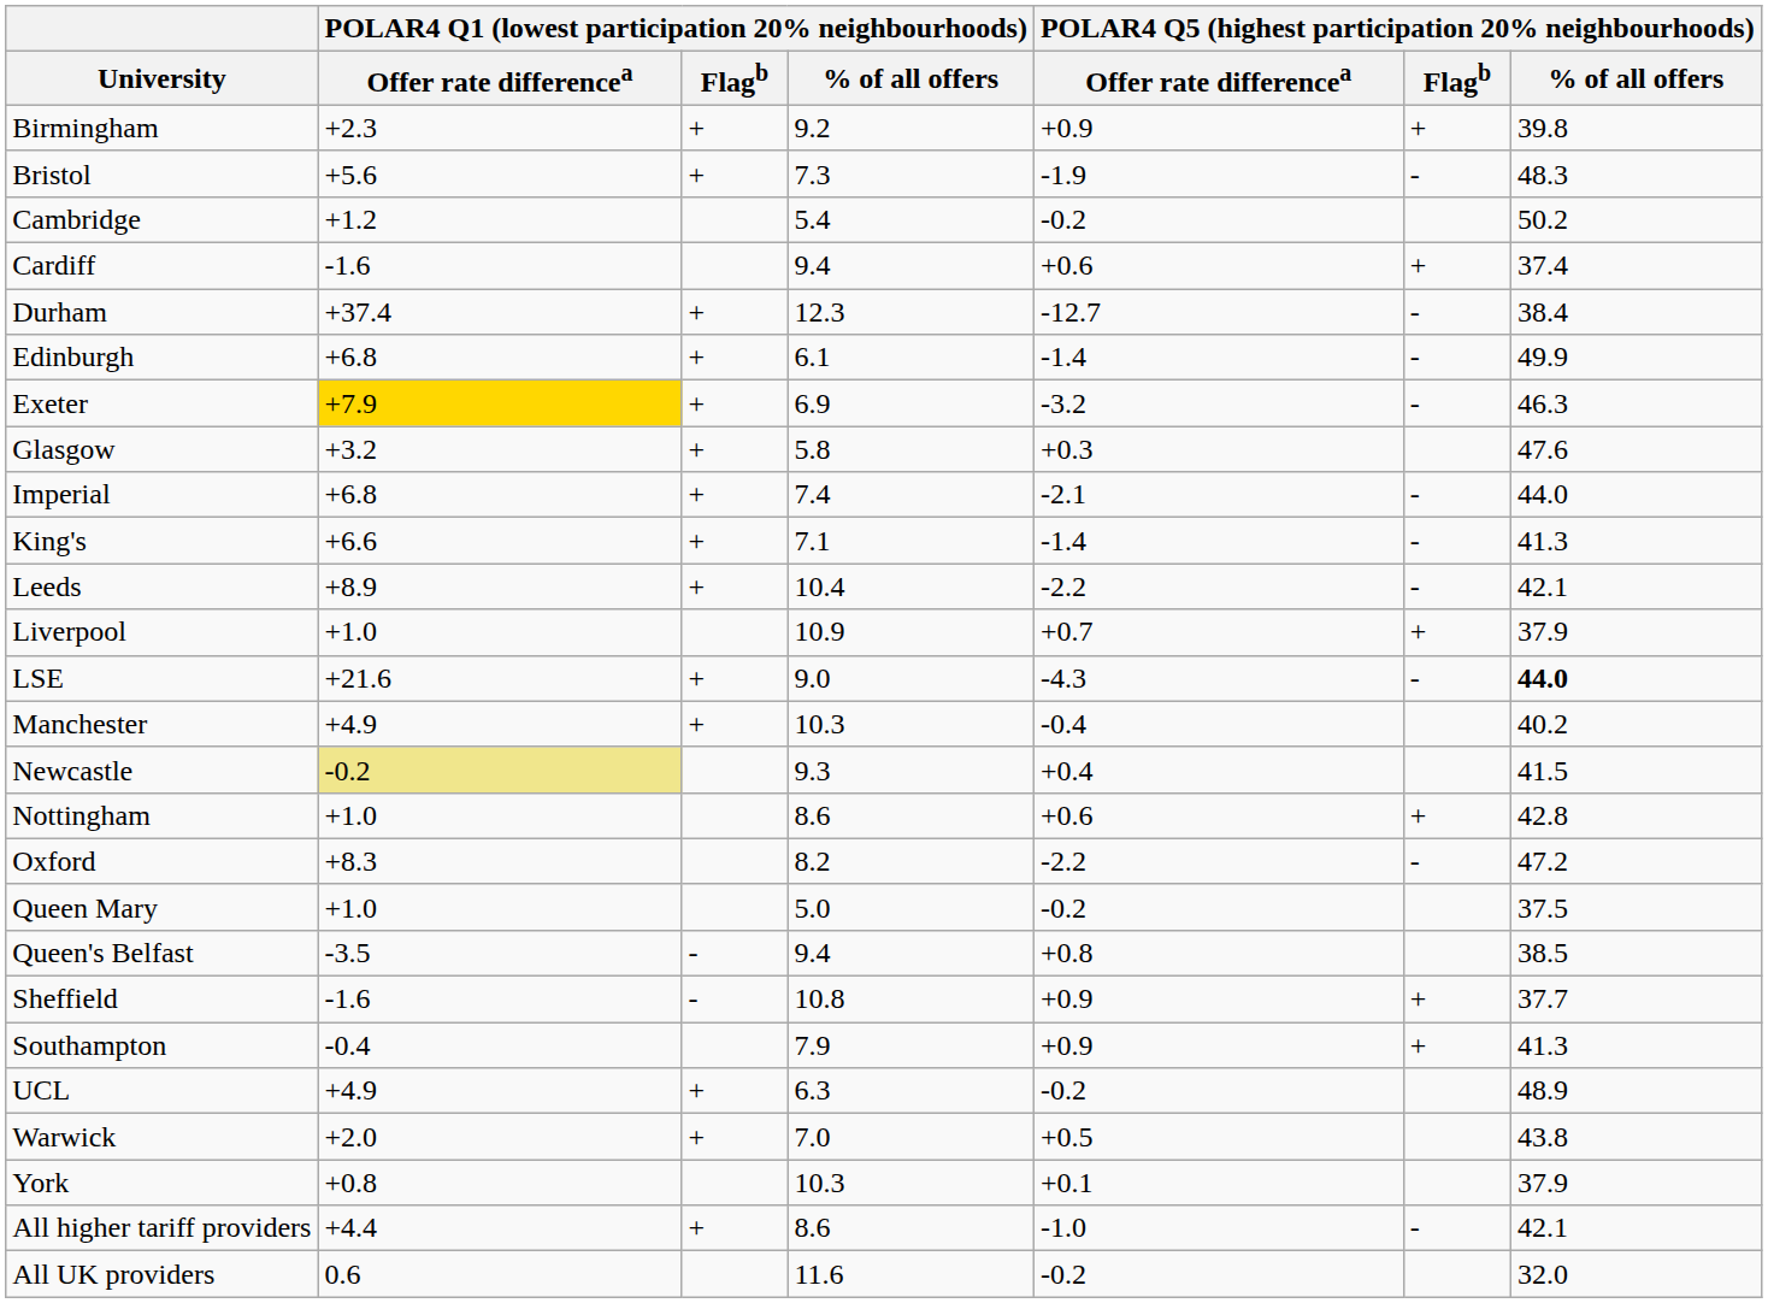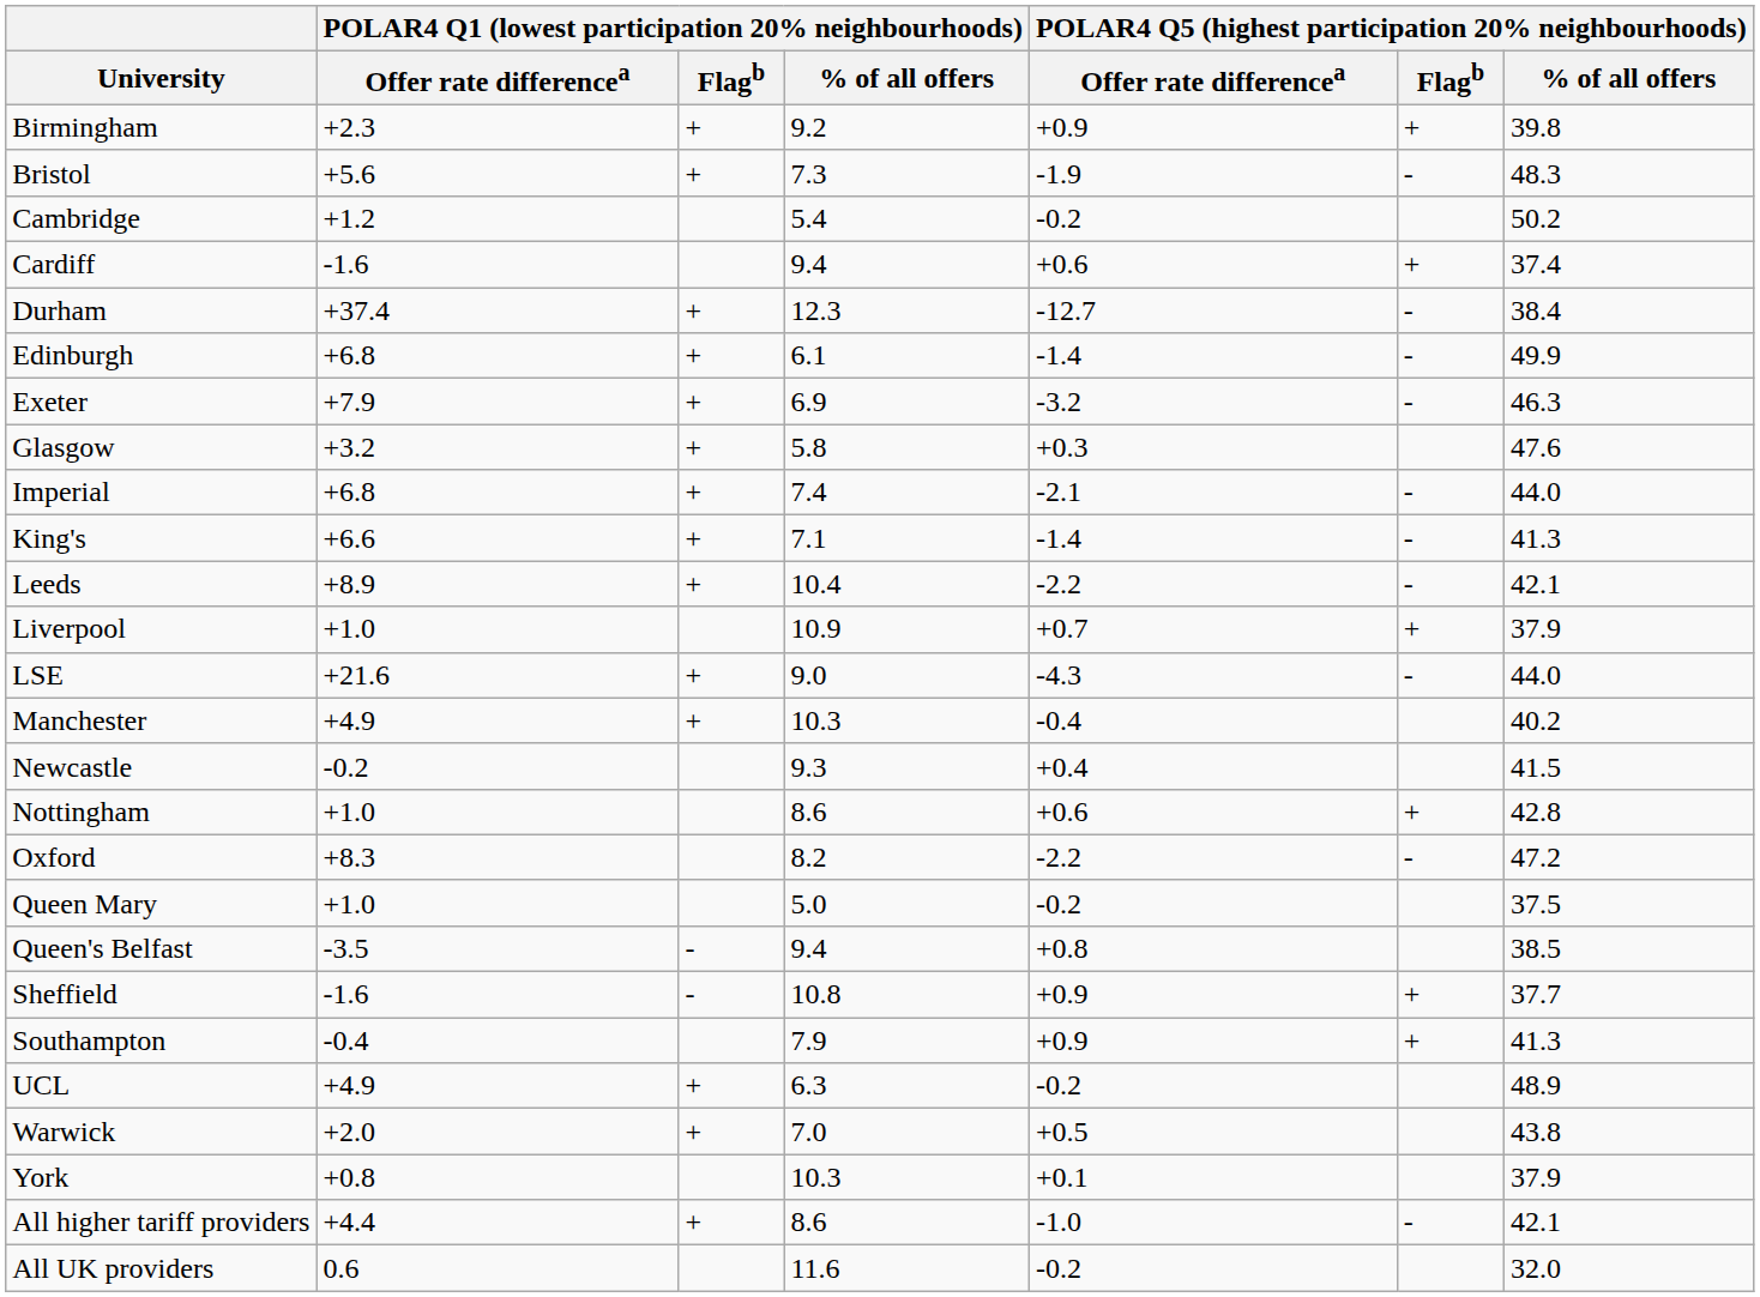 <table class="sortable wikitable">
 <tr>
 <th></th>
 <th colspan=3>POLAR4 Q1 (lowest participation 20% neighbourhoods)</th>
 <th colspan=3>POLAR4 Q5 (highest participation 20% neighbourhoods)</th>
 </tr>
 <tr>
 <th>University</th>
 <th>Offer rate difference<sup>a</sup></th>
 <th>Flag<sup>b</sup></th>
 <th>% of all offers</th>
 <th>Offer rate difference<sup>a</sup></th>
 <th>Flag<sup>b</sup></th>
 <th>% of all offers</th>
 </tr>
 <tr>
 <td>Birmingham</td>
 <td>+2.3</td>
 <td>+</td>
 <td>9.2</td>
 <td>+0.9</td>
 <td>+</td>
 <td>39.8</td>
 </tr>
 <tr>
 <td>Bristol</td>
 <td>+5.6</td>
 <td>+</td>
 <td>7.3</td>
 <td>-1.9</td>
 <td>-</td>
 <td>48.3</td>
 </tr>
 <tr>
 <td>Cambridge</td>
 <td>+1.2</td>
 <td></td>
 <td>5.4</td>
 <td>-0.2</td>
 <td></td>
 <td>50.2</td>
 </tr>
 <tr>
 <td>Cardiff</td>
 <td>-1.6</td>
 <td></td>
 <td>9.4</td>
 <td>+0.6</td>
 <td>+</td>
 <td>37.4</td>
 </tr>
 <tr>
 <td>Durham</td>
 <td>+37.4</td>
 <td>+</td>
 <td>12.3</td>
 <td>-12.7</td>
 <td>-</td>
 <td>38.4</td>
 </tr>
 <tr>
 <td>Edinburgh</td>
 <td>+6.8</td>
 <td>+</td>
 <td>6.1</td>
 <td>-1.4</td>
 <td>-</td>
 <td>49.9</td>
 </tr>
 <tr>
 <td>Exeter</td>
-<td style="background: gold;">+7.9</td>
+<td>+7.9</td>
 <td>+</td>
 <td>6.9</td>
 <td>-3.2</td>
 <td>-</td>
 <td>46.3</td>
 </tr>
 <tr>
 <td>Glasgow</td>
 <td>+3.2</td>
 <td>+</td>
 <td>5.8</td>
 <td>+0.3</td>
 <td></td>
 <td>47.6</td>
 </tr>
 <tr>
 <td>Imperial</td>
 <td>+6.8</td>
 <td>+</td>
 <td>7.4</td>
 <td>-2.1</td>
 <td>-</td>
 <td>44.0</td>
 </tr>
 <tr>
 <td>King's</td>
 <td>+6.6</td>
 <td>+</td>
 <td>7.1</td>
 <td>-1.4</td>
 <td>-</td>
 <td>41.3</td>
 </tr>
 <tr>
 <td>Leeds</td>
 <td>+8.9</td>
 <td>+</td>
 <td>10.4</td>
 <td>-2.2</td>
 <td>-</td>
 <td>42.1</td>
 </tr>
 <tr>
 <td>Liverpool</td>
 <td>+1.0</td>
 <td></td>
 <td>10.9</td>
 <td>+0.7</td>
 <td>+</td>
 <td>37.9</td>
 </tr>
 <tr>
 <td>LSE</td>
 <td>+21.6</td>
 <td>+</td>
 <td>9.0</td>
 <td>-4.3</td>
 <td>-</td>
-<td><strong>44.0</strong></td>
+<td>44.0</td>
 </tr>
 <tr>
 <td>Manchester</td>
 <td>+4.9</td>
 <td>+</td>
 <td>10.3</td>
 <td>-0.4</td>
 <td></td>
 <td>40.2</td>
 </tr>
 <tr>
 <td>Newcastle</td>
-<td style="background: khaki;">-0.2</td>
+<td>-0.2</td>
 <td></td>
 <td>9.3</td>
 <td>+0.4</td>
 <td></td>
 <td>41.5</td>
 </tr>
 <tr>
 <td>Nottingham</td>
 <td>+1.0</td>
 <td></td>
 <td>8.6</td>
 <td>+0.6</td>
 <td>+</td>
 <td>42.8</td>
 </tr>
 <tr>
 <td>Oxford</td>
 <td>+8.3</td>
 <td></td>
 <td>8.2</td>
 <td>-2.2</td>
 <td>-</td>
 <td>47.2</td>
 </tr>
 <tr>
 <td>Queen Mary</td>
 <td>+1.0</td>
 <td></td>
 <td>5.0</td>
 <td>-0.2</td>
 <td></td>
 <td>37.5</td>
 </tr>
 <tr>
 <td>Queen's Belfast</td>
 <td>-3.5</td>
 <td>-</td>
 <td>9.4</td>
 <td>+0.8</td>
 <td></td>
 <td>38.5</td>
 </tr>
 <tr>
 <td>Sheffield</td>
 <td>-1.6</td>
 <td>-</td>
 <td>10.8</td>
 <td>+0.9</td>
 <td>+</td>
 <td>37.7</td>
 </tr>
 <tr>
 <td>Southampton</td>
 <td>-0.4</td>
 <td></td>
 <td>7.9</td>
 <td>+0.9</td>
 <td>+</td>
 <td>41.3</td>
 </tr>
 <tr>
 <td>UCL</td>
 <td>+4.9</td>
 <td>+</td>
 <td>6.3</td>
 <td>-0.2</td>
 <td></td>
 <td>48.9</td>
 </tr>
 <tr>
 <td>Warwick</td>
 <td>+2.0</td>
 <td>+</td>
 <td>7.0</td>
 <td>+0.5</td>
 <td></td>
 <td>43.8</td>
 </tr>
 <tr>
 <td>York</td>
 <td>+0.8</td>
 <td></td>
 <td>10.3</td>
 <td>+0.1</td>
 <td></td>
 <td>37.9</td>
 </tr>
 <tr>
 <td>All higher tariff providers</td>
 <td>+4.4</td>
 <td>+</td>
 <td>8.6</td>
 <td>-1.0</td>
 <td>-</td>
 <td>42.1</td>
 </tr>
 <tr>
 <td>All UK providers</td>
 <td>0.6</td>
 <td></td>
 <td>11.6</td>
 <td>-0.2</td>
 <td></td>
 <td>32.0</td>
 </tr>
 </table>
